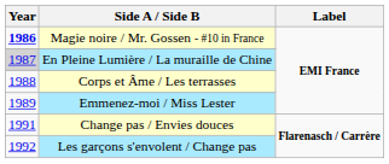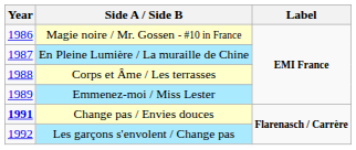 <table class="wikitable">
 <tr>
 <th>Year</th>
 <th>Side A / Side B</th>
 <th>Label</th>
 </tr>
 <tr>
-<td align=center rowspan="1"><strong><a href='#'>1986</a></strong></td>
+<td align=center rowspan="1"><a href='#'>1986</a></td>
 <td align="center" bgcolor="#FFFFCC">Magie noire / Mr. Gossen <small> - #10 in France</small></td>
 <td align="center" rowspan="4"><small><strong> EMI France </strong></small></td>
 </tr>
 <tr>
-<td align=center rowspan="1" style="background: lightgrey;"><a href='#'>1987</a></td>
+<td align=center rowspan="1"><a href='#'>1987</a></td>
 <td align="center" bgcolor="#A9EAFE">En Pleine Lumière / La muraille de Chine</td>
 </tr>
 <tr>
 <td align=center rowspan="1"><a href='#'>1988</a></td>
 <td align="center" bgcolor="#FFFFCC">Corps et Âme / Les terrasses</td>
 </tr>
 <tr>
 <td align=center rowspan="1"><a href='#'>1989</a></td>
 <td align="center" bgcolor="#A9EAFE">Emmenez-moi / Miss Lester</td>
 </tr>
 <tr>
-<td align=center rowspan="1"><a href='#'>1991</a></td>
+<td align=center rowspan="1"><strong><a href='#'>1991</a></strong></td>
 <td align="center" bgcolor="#FFFFCC">Change pas / Envies douces</td>
 <td align="center" rowspan="2"><small><strong> Flarenasch / Carrère </strong></small></td>
 </tr>
 <tr>
 <td align=center rowspan="1"><a href='#'>1992</a></td>
 <td align="center" bgcolor="#A9EAFE">Les garçons s'envolent / Change pas</td>
 </tr>
 </table>
